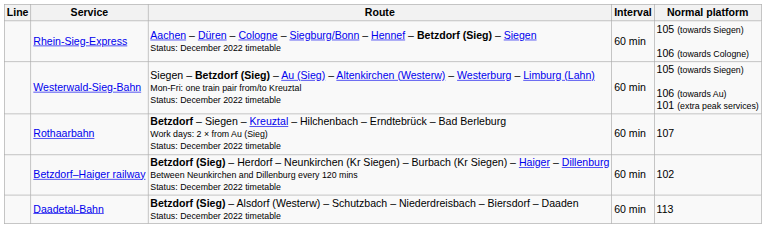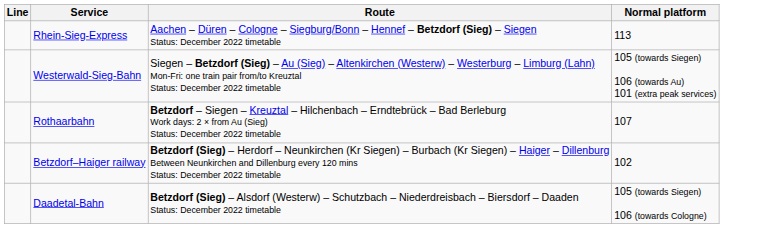 <table class="wikitable">
 <tr>
 <th>Line</th>
 <th>Service</th>
 <th>Route</th>
-<th>Interval</th>
 <th>Normal platform</th>
 </tr>
 <tr>
 <td></td>
 <td><a href='#'>Rhein-Sieg-Express</a></td>
 <td><a href='#'>Aachen</a> – <a href='#'>Düren</a> – <a href='#'>Cologne</a> – <a href='#'>Siegburg/Bonn</a> – <a href='#'>Hennef</a> – <strong> Betzdorf (Sieg)</strong> – <a href='#'>Siegen</a><br><small>Status: December 2022 timetable</small></td>
-<td>60 min</td>
-<td>105 <small>(towards Siegen)</small><br><br>106 <small>(towards Cologne)</small></td>
+<td>113</td>
 </tr>
 <tr>
 <td></td>
 <td><a href='#'>Westerwald-Sieg-Bahn</a></td>
 <td>Siegen – <strong>Betzdorf (Sieg)</strong> – <a href='#'>Au (Sieg)</a> – <a href='#'>Altenkirchen (Westerw)</a> – <a href='#'>Westerburg</a> – <a href='#'>Limburg (Lahn)</a><br><small>Mon-Fri: one train pair from/to Kreuztal<br>Status: December 2022 timetable</small></td>
-<td>60 min</td>
 <td>105 <small>(towards Siegen)</small><br><br>106 <small>(towards  Au)</small><br> 101 <small>(extra peak services)</small></td>
 </tr>
 <tr>
 <td></td>
 <td><a href='#'>Rothaarbahn</a></td>
 <td><strong>Betzdorf</strong> – Siegen – <a href='#'>Kreuztal</a> – Hilchenbach – Erndtebrück – Bad Berleburg<br><small>Work days: 2 × from Au (Sieg)<br>Status: December 2022 timetable</small></td>
-<td>60 min</td>
 <td>107</td>
 </tr>
 <tr>
 <td></td>
 <td><a href='#'>Betzdorf–Haiger railway</a></td>
 <td><strong>Betzdorf (Sieg)</strong> – Herdorf – Neunkirchen (Kr Siegen) – Burbach (Kr Siegen) – <a href='#'>Haiger</a> – <a href='#'>Dillenburg</a><br><small>Between Neunkirchen and Dillenburg every 120 mins<br>Status: December 2022 timetable</small></td>
-<td>60 min</td>
 <td>102</td>
 </tr>
 <tr>
 <td></td>
 <td><a href='#'>Daadetal-Bahn</a></td>
 <td><strong>Betzdorf (Sieg)</strong> – Alsdorf (Westerw) – Schutzbach – Niederdreisbach – Biersdorf – Daaden<br><small>Status: December 2022 timetable</small></td>
-<td>60 min</td>
-<td>113</td>
+<td>105 <small>(towards Siegen)</small><br><br>106 <small>(towards Cologne)</small></td>
 </tr>
 </table>
